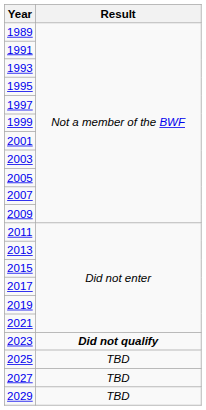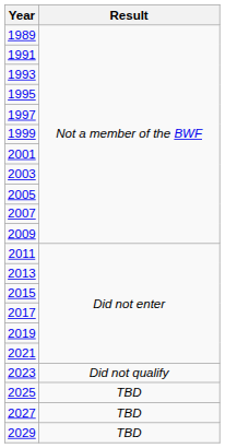 <table class="wikitable" style="text-align: center; font-size:90%">
 <tr>
 <th>Year</th>
 <th style="width:200px">Result</th>
 </tr>
 <tr>
 <td> <a href='#'>1989</a></td>
 <td rowspan="11"><em>Not a member of the <a href='#'>BWF</a></em></td>
 </tr>
 <tr>
 <td> <a href='#'>1991</a></td>
 </tr>
 <tr>
 <td> <a href='#'>1993</a></td>
 </tr>
 <tr>
 <td> <a href='#'>1995</a></td>
 </tr>
 <tr>
 <td> <a href='#'>1997</a></td>
 </tr>
 <tr>
 <td> <a href='#'>1999</a></td>
 </tr>
 <tr>
 <td> <a href='#'>2001</a></td>
 </tr>
 <tr>
 <td> <a href='#'>2003</a></td>
 </tr>
 <tr>
 <td> <a href='#'>2005</a></td>
 </tr>
 <tr>
 <td> <a href='#'>2007</a></td>
 </tr>
 <tr>
 <td> <a href='#'>2009</a></td>
 </tr>
 <tr>
 <td> <a href='#'>2011</a></td>
 <td rowspan="6"><em>Did not enter</em></td>
 </tr>
 <tr>
 <td> <a href='#'>2013</a></td>
 </tr>
 <tr>
 <td> <a href='#'>2015</a></td>
 </tr>
 <tr>
 <td> <a href='#'>2017</a></td>
 </tr>
 <tr>
 <td> <a href='#'>2019</a></td>
 </tr>
 <tr>
 <td> <a href='#'>2021</a></td>
 </tr>
 <tr>
 <td> <a href='#'>2023</a></td>
-<td><strong><em>Did not qualify</em></strong></td>
+<td><em>Did not qualify</em></td>
 </tr>
 <tr>
 <td> <a href='#'>2025</a></td>
 <td><em>TBD</em></td>
 </tr>
 <tr>
 <td> <a href='#'>2027</a></td>
 <td><em>TBD</em></td>
 </tr>
 <tr>
 <td> <a href='#'>2029</a></td>
 <td><em>TBD</em></td>
 </tr>
 </table>
